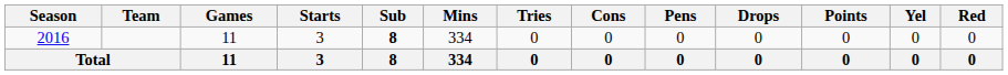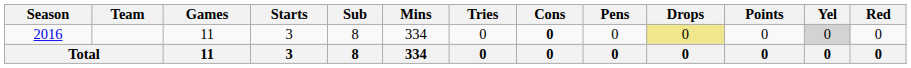 <table class="wikitable" style="text-align:center; line-height:90%; font-size:95%; width:60%;">
 <tr>
 <th>Season</th>
 <th>Team</th>
 <th>Games</th>
 <th>Starts</th>
 <th>Sub</th>
 <th>Mins</th>
 <th>Tries</th>
 <th>Cons</th>
 <th>Pens</th>
 <th>Drops</th>
 <th>Points</th>
 <th>Yel</th>
 <th>Red</th>
 </tr>
 <tr>
 <td><a href='#'>2016</a></td>
 <td></td>
 <td>11</td>
 <td>3</td>
-<td><strong>8</strong></td>
+<td>8</td>
 <td>334</td>
 <td>0</td>
+<td><strong>0</strong></td>
 <td>0</td>
+<td style="background: khaki;">0</td>
 <td>0</td>
-<td>0</td>
-<td>0</td>
-<td>0</td>
+<td style="background: lightgrey;">0</td>
 <td>0</td>
 </tr>
 <tr>
 <th colspan="2">Total</th>
 <th>11</th>
 <th>3</th>
 <th>8</th>
 <th>334</th>
 <th>0</th>
 <th>0</th>
 <th>0</th>
 <th>0</th>
 <th>0</th>
 <th>0</th>
 <th>0</th>
 </tr>
 </table>
